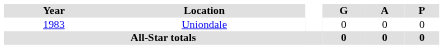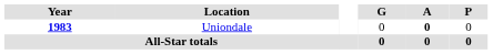 <table border="0" cellpadding="1" cellspacing="0" style="text-align:center; width:40em">
 <tr bgcolor="#e0e0e0">
 <th>Year</th>
 <th>Location</th>
 <th rowspan="99" bgcolor="#ffffff"> </th>
 <th>G</th>
 <th>A</th>
 <th>P</th>
 </tr>
 <tr>
-<td><a href='#'>1983</a></td>
+<td><strong><a href='#'>1983</a></strong></td>
 <td><a href='#'>Uniondale</a></td>
 <td>0</td>
-<td>0</td>
+<td><strong>0</strong></td>
 <td>0</td>
 </tr>
 <tr bgcolor="#e0e0e0">
 <th colspan=3>All-Star totals</th>
 <th>0</th>
 <th>0</th>
 <th>0</th>
 </tr>
 </table>
